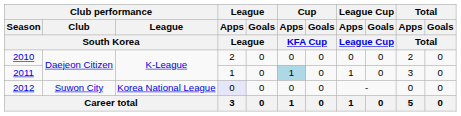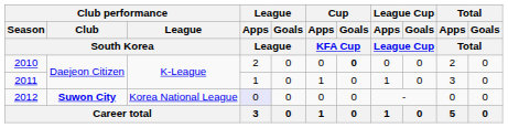 <table class="wikitable" style="text-align:center">
 <tr>
 <th colspan=3>Club performance</th>
 <th colspan=2>League</th>
 <th colspan=2>Cup</th>
 <th colspan=2>League Cup</th>
 <th colspan=2>Total</th>
 </tr>
 <tr>
 <th>Season</th>
 <th>Club</th>
 <th>League</th>
 <th>Apps</th>
 <th>Goals</th>
 <th>Apps</th>
 <th>Goals</th>
 <th>Apps</th>
 <th>Goals</th>
 <th>Apps</th>
 <th>Goals</th>
 </tr>
 <tr>
 <th colspan=3>South Korea</th>
 <th colspan=2>League</th>
 <th colspan=2><a href='#'>KFA Cup</a></th>
 <th colspan=2><a href='#'>League Cup</a></th>
 <th colspan=2>Total</th>
 </tr>
 <tr>
 <td><a href='#'>2010</a></td>
 <td rowspan="2"><a href='#'>Daejeon Citizen</a></td>
 <td rowspan="2"><a href='#'>K-League</a></td>
 <td>2</td>
 <td>0</td>
 <td>0</td>
-<td>0</td>
+<td><strong>0</strong></td>
 <td>0</td>
 <td>0</td>
 <td>2</td>
 <td>0</td>
 </tr>
 <tr>
 <td><a href='#'>2011</a></td>
 <td>1</td>
 <td>0</td>
-<td style="background: lightblue;">1</td>
+<td>1</td>
 <td>0</td>
 <td>1</td>
 <td>0</td>
 <td>3</td>
 <td>0</td>
 </tr>
 <tr>
 <td><a href='#'>2012</a></td>
-<td><a href='#'>Suwon City</a></td>
+<td><strong><a href='#'>Suwon City</a></strong></td>
 <td><a href='#'>Korea National League</a></td>
 <td style="background: lavender;">0</td>
 <td>0</td>
 <td>0</td>
 <td>0</td>
 <td colspan="2">-</td>
 <td>0</td>
 <td>0</td>
 </tr>
 <tr>
 <th colspan=3>Career total</th>
 <th>3</th>
 <th>0</th>
 <th>1</th>
 <th>0</th>
 <th>1</th>
 <th>0</th>
 <th>5</th>
 <th>0</th>
 </tr>
 </table>
